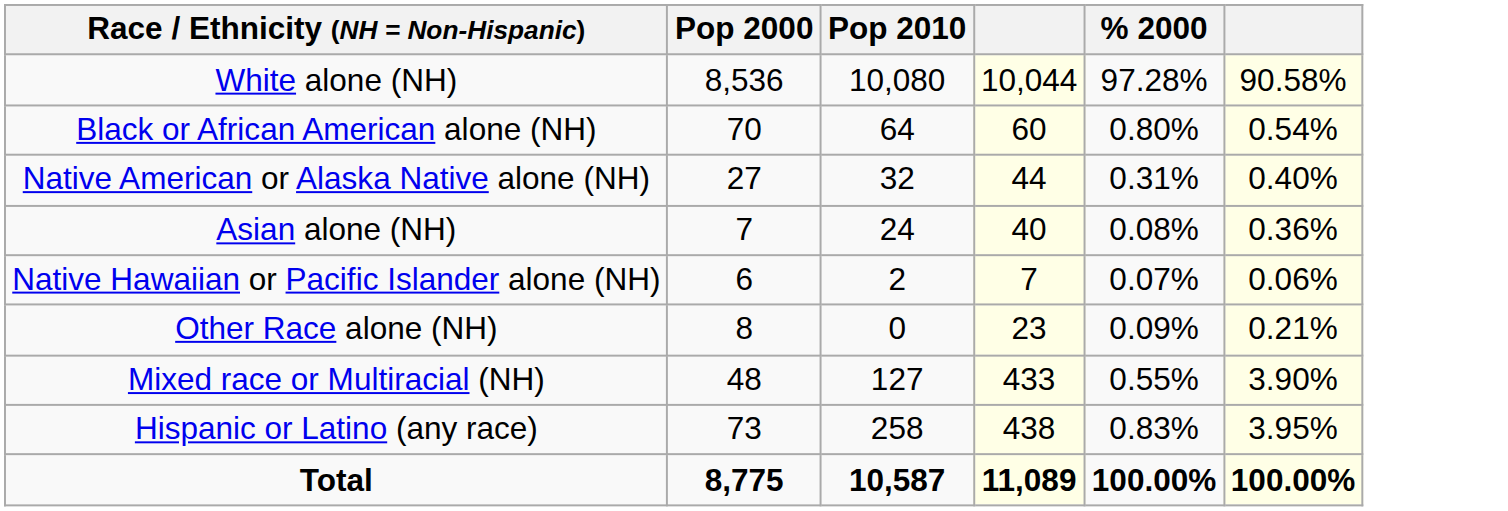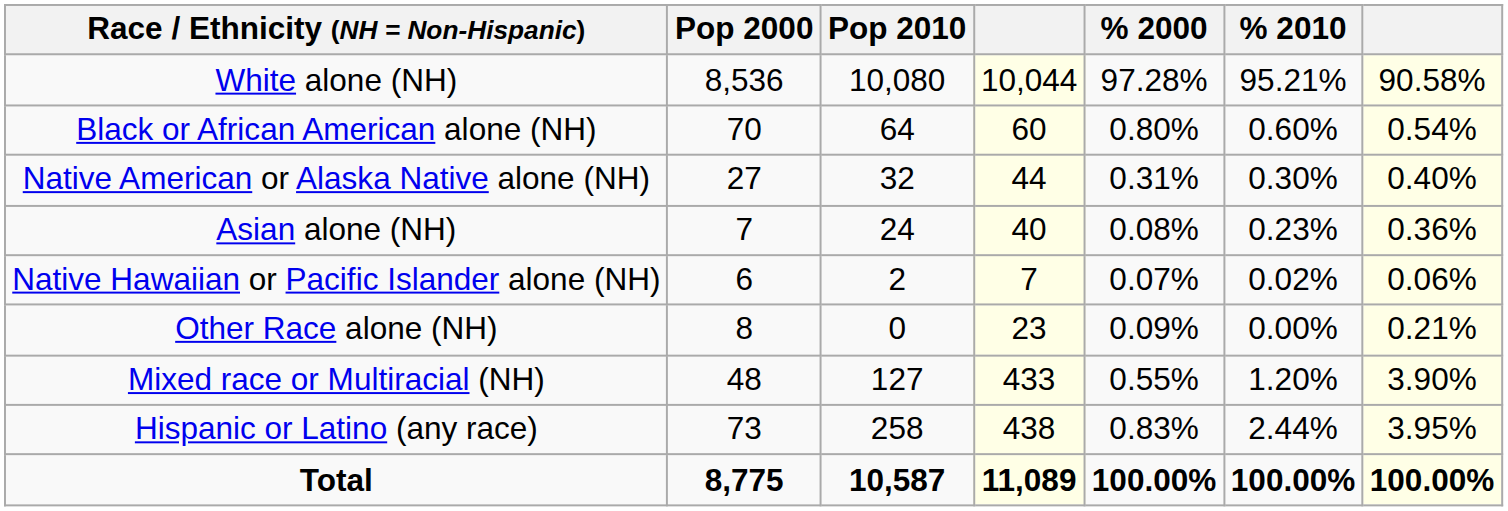 <table class="wikitable" style="text-align:center;">
 <tr>
 <th>Race / Ethnicity <small>(<em>NH = Non-Hispanic</em>)</small></th>
 <th>Pop 2000</th>
 <th>Pop 2010</th>
 <th></th>
 <th>% 2000</th>
+<th>% 2010</th>
 <th></th>
 </tr>
 <tr>
 <td><a href='#'>White</a> alone (NH)</td>
 <td>8,536</td>
 <td>10,080</td>
 <td style='background: #ffffe6;'>10,044</td>
 <td>97.28%</td>
+<td>95.21%</td>
 <td style='background: #ffffe6;'>90.58%</td>
 </tr>
 <tr>
 <td><a href='#'>Black or African American</a> alone (NH)</td>
 <td>70</td>
 <td>64</td>
 <td style='background: #ffffe6;'>60</td>
 <td>0.80%</td>
+<td>0.60%</td>
 <td style='background: #ffffe6;'>0.54%</td>
 </tr>
 <tr>
 <td><a href='#'>Native American</a> or <a href='#'>Alaska Native</a> alone (NH)</td>
 <td>27</td>
 <td>32</td>
 <td style='background: #ffffe6;'>44</td>
 <td>0.31%</td>
+<td>0.30%</td>
 <td style='background: #ffffe6;'>0.40%</td>
 </tr>
 <tr>
 <td><a href='#'>Asian</a> alone (NH)</td>
 <td>7</td>
 <td>24</td>
 <td style='background: #ffffe6;'>40</td>
 <td>0.08%</td>
+<td>0.23%</td>
 <td style='background: #ffffe6;'>0.36%</td>
 </tr>
 <tr>
 <td><a href='#'>Native Hawaiian</a> or <a href='#'>Pacific Islander</a> alone (NH)</td>
 <td>6</td>
 <td>2</td>
 <td style='background: #ffffe6;'>7</td>
 <td>0.07%</td>
+<td>0.02%</td>
 <td style='background: #ffffe6;'>0.06%</td>
 </tr>
 <tr>
 <td><a href='#'>Other Race</a> alone (NH)</td>
 <td>8</td>
 <td>0</td>
 <td style='background: #ffffe6;'>23</td>
 <td>0.09%</td>
+<td>0.00%</td>
 <td style='background: #ffffe6;'>0.21%</td>
 </tr>
 <tr>
 <td><a href='#'>Mixed race or Multiracial</a> (NH)</td>
 <td>48</td>
 <td>127</td>
 <td style='background: #ffffe6;'>433</td>
 <td>0.55%</td>
+<td>1.20%</td>
 <td style='background: #ffffe6;'>3.90%</td>
 </tr>
 <tr>
 <td><a href='#'>Hispanic or Latino</a> (any race)</td>
 <td>73</td>
 <td>258</td>
 <td style='background: #ffffe6;'>438</td>
 <td>0.83%</td>
+<td>2.44%</td>
 <td style='background: #ffffe6;'>3.95%</td>
 </tr>
 <tr>
 <td><strong>Total</strong></td>
 <td><strong>8,775</strong></td>
 <td><strong>10,587</strong></td>
 <td style='background: #ffffe6;'><strong>11,089</strong></td>
 <td><strong>100.00%</strong></td>
+<td><strong>100.00%</strong></td>
 <td style='background: #ffffe6;'><strong>100.00%</strong></td>
 </tr>
 </table>
